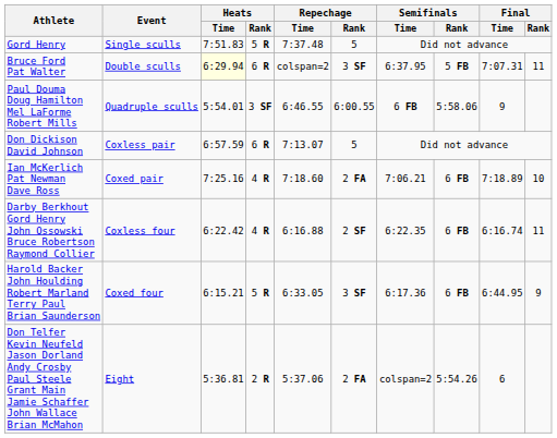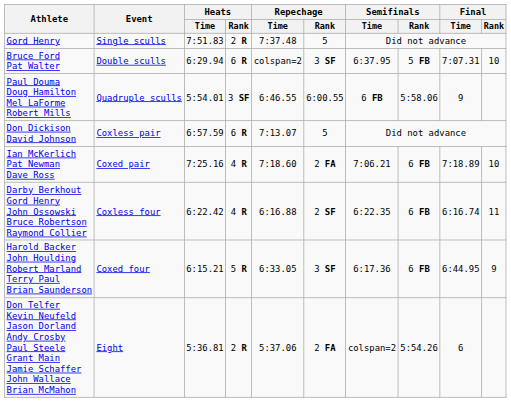 <table class="wikitable" style="font-size:90%">
 <tr>
 <th rowspan="2">Athlete</th>
 <th rowspan="2">Event</th>
 <th colspan="2">Heats</th>
 <th colspan="2">Repechage</th>
 <th colspan="2">Semifinals</th>
 <th colspan="2">Final</th>
 </tr>
 <tr style="font-size:95%">
 <th>Time</th>
 <th>Rank</th>
 <th>Time</th>
 <th>Rank</th>
 <th>Time</th>
 <th>Rank</th>
 <th>Time</th>
 <th>Rank</th>
 </tr>
 <tr align=center>
 <td align=left><a href='#'>Gord Henry</a></td>
 <td align=left><a href='#'>Single sculls</a></td>
 <td>7:51.83</td>
-<td>5 <strong>R</strong></td>
+<td>2 <strong>R</strong></td>
 <td>7:37.48</td>
 <td>5</td>
 <td colspan=4>Did not advance</td>
 </tr>
 <tr align=center>
 <td align=left><a href='#'>Bruce Ford</a><br><a href='#'>Pat Walter</a></td>
 <td align=left><a href='#'>Double sculls</a></td>
-<td style="background: lightyellow;">6:29.94</td>
+<td>6:29.94</td>
 <td>6 <strong>R</strong></td>
 <td>colspan=2</td>
 <td>3 <strong>SF</strong></td>
 <td>6:37.95</td>
 <td>5 <strong>FB</strong></td>
 <td>7:07.31</td>
-<td>11</td>
+<td>10</td>
 </tr>
 <tr align=center>
 <td align=left><a href='#'>Paul Douma</a><br><a href='#'>Doug Hamilton</a><br><a href='#'>Mel LaForme</a><br><a href='#'>Robert Mills</a></td>
 <td align=left><a href='#'>Quadruple sculls</a></td>
 <td>5:54.01</td>
 <td>3 <strong>SF</strong></td>
 <td>6:46.55</td>
 <td>6:00.55</td>
 <td>6 <strong>FB</strong></td>
 <td>5:58.06</td>
 <td>9</td>
 </tr>
 <tr align=center>
 <td align=left><a href='#'>Don Dickison</a><br><a href='#'>David Johnson</a></td>
 <td align=left><a href='#'>Coxless pair</a></td>
 <td>6:57.59</td>
 <td>6 <strong>R</strong></td>
 <td>7:13.07</td>
 <td>5</td>
 <td colspan=4>Did not advance</td>
 </tr>
 <tr align=center>
 <td align=left><a href='#'>Ian McKerlich</a><br><a href='#'>Pat Newman</a><br><a href='#'>Dave Ross</a></td>
 <td align=left><a href='#'>Coxed pair</a></td>
 <td>7:25.16</td>
 <td>4 <strong>R</strong></td>
 <td>7:18.60</td>
 <td>2 <strong>FA</strong></td>
 <td>7:06.21</td>
 <td>6 <strong>FB</strong></td>
 <td>7:18.89</td>
 <td>10</td>
 </tr>
 <tr align=center>
 <td align=left><a href='#'>Darby Berkhout</a><br><a href='#'>Gord Henry</a><br><a href='#'>John Ossowski</a><br><a href='#'>Bruce Robertson</a><br><a href='#'>Raymond Collier</a></td>
 <td align=left><a href='#'>Coxless four</a></td>
 <td>6:22.42</td>
 <td>4 <strong>R</strong></td>
 <td>6:16.88</td>
 <td>2 <strong>SF</strong></td>
 <td>6:22.35</td>
 <td>6 <strong>FB</strong></td>
 <td>6:16.74</td>
 <td>11</td>
 </tr>
 <tr align=center>
 <td align=left><a href='#'>Harold Backer</a><br><a href='#'>John Houlding</a><br><a href='#'>Robert Marland</a><br><a href='#'>Terry Paul</a><br><a href='#'>Brian Saunderson</a></td>
 <td align=left><a href='#'>Coxed four</a></td>
 <td>6:15.21</td>
 <td>5 <strong>R</strong></td>
 <td>6:33.05</td>
 <td>3 <strong>SF</strong></td>
 <td>6:17.36</td>
 <td>6 <strong>FB</strong></td>
 <td>6:44.95</td>
 <td>9</td>
 </tr>
 <tr align=center>
 <td align=left><a href='#'>Don Telfer</a><br><a href='#'>Kevin Neufeld</a><br><a href='#'>Jason Dorland</a><br><a href='#'>Andy Crosby</a><br><a href='#'>Paul Steele</a><br><a href='#'>Grant Main</a><br><a href='#'>Jamie Schaffer</a><br><a href='#'>John Wallace</a><br><a href='#'>Brian McMahon</a></td>
 <td align=left><a href='#'>Eight</a></td>
 <td>5:36.81</td>
 <td>2 <strong>R</strong></td>
 <td>5:37.06</td>
 <td>2 <strong>FA</strong></td>
 <td>colspan=2</td>
 <td>5:54.26</td>
 <td>6</td>
 </tr>
 </table>
